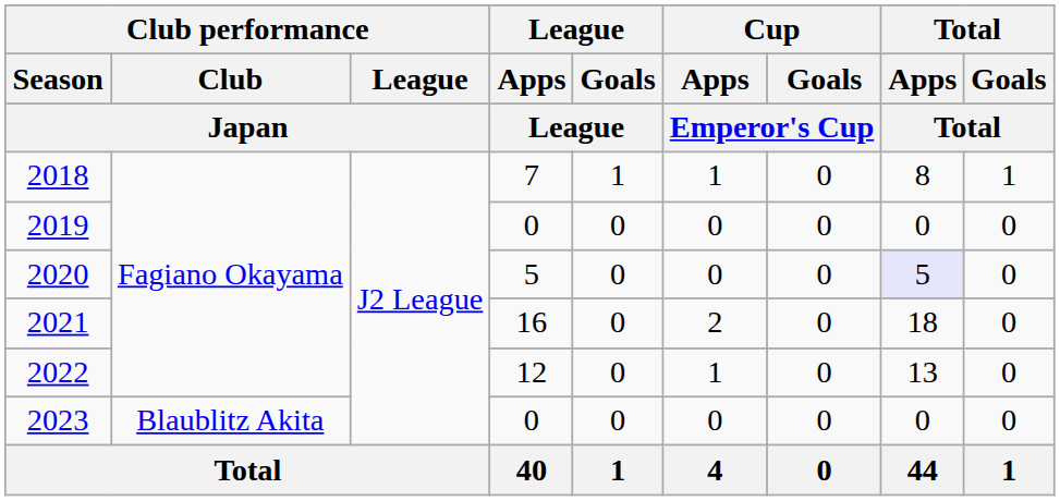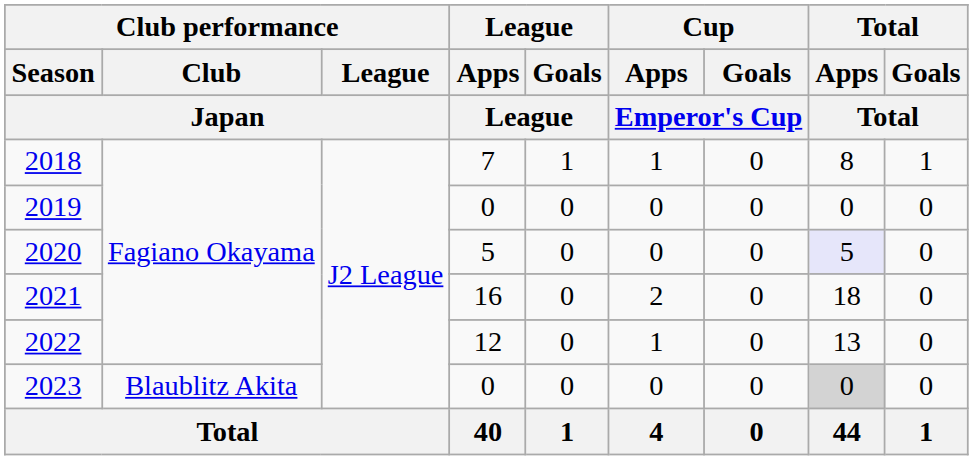 <table class="wikitable" style="text-align:center;">
 <tr>
 <th colspan=3>Club performance</th>
 <th colspan=2>League</th>
 <th colspan=2>Cup</th>
 <th colspan=2>Total</th>
 </tr>
 <tr>
 <th>Season</th>
 <th>Club</th>
 <th>League</th>
 <th>Apps</th>
 <th>Goals</th>
 <th>Apps</th>
 <th>Goals</th>
 <th>Apps</th>
 <th>Goals</th>
 </tr>
 <tr>
 <th colspan=3>Japan</th>
 <th colspan=2>League</th>
 <th colspan=2><a href='#'>Emperor's Cup</a></th>
 <th colspan=2>Total</th>
 </tr>
 <tr>
 <td><a href='#'>2018</a></td>
 <td rowspan="5"><a href='#'>Fagiano Okayama</a></td>
 <td rowspan="6"><a href='#'>J2 League</a></td>
 <td>7</td>
 <td>1</td>
 <td>1</td>
 <td>0</td>
 <td>8</td>
 <td>1</td>
 </tr>
 <tr>
 <td><a href='#'>2019</a></td>
 <td>0</td>
 <td>0</td>
 <td>0</td>
 <td>0</td>
 <td>0</td>
 <td>0</td>
 </tr>
 <tr>
 <td><a href='#'>2020</a></td>
 <td>5</td>
 <td>0</td>
 <td>0</td>
 <td>0</td>
 <td style="background: lavender;">5</td>
 <td>0</td>
 </tr>
 <tr>
 <td><a href='#'>2021</a></td>
 <td>16</td>
 <td>0</td>
 <td>2</td>
 <td>0</td>
 <td>18</td>
 <td>0</td>
 </tr>
 <tr>
 <td><a href='#'>2022</a></td>
 <td>12</td>
 <td>0</td>
 <td>1</td>
 <td>0</td>
 <td>13</td>
 <td>0</td>
 </tr>
 <tr>
 <td><a href='#'>2023</a></td>
 <td rowspan="1"><a href='#'>Blaublitz Akita</a></td>
 <td>0</td>
 <td>0</td>
 <td>0</td>
 <td>0</td>
-<td>0</td>
+<td style="background: lightgrey;">0</td>
 <td>0</td>
 </tr>
 <tr>
 <th colspan="3">Total</th>
 <th>40</th>
 <th>1</th>
 <th>4</th>
 <th>0</th>
 <th>44</th>
 <th>1</th>
 </tr>
 </table>
